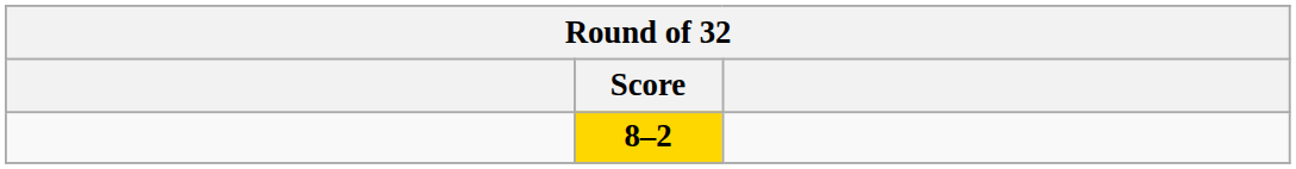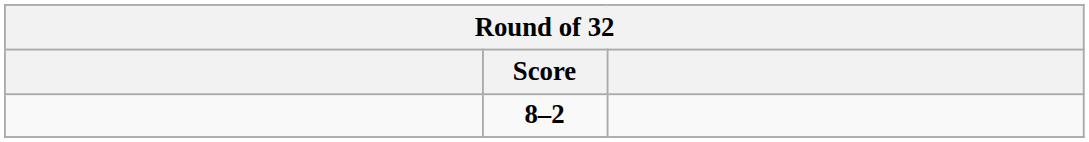 <table class="wikitable" style="text-align: center; font-size:90% ">
 <tr>
 <th colspan=3>Round of 32</th>
 </tr>
 <tr>
 <th align="right" width="250"></th>
 <th width="60">Score</th>
 <th align="left" width="250"></th>
 </tr>
 <tr>
 <td align=left><strong></strong></td>
-<td align=center style="background: gold;"><strong>8–2</strong></td>
+<td align=center><strong>8–2</strong></td>
 <td align=left></td>
 </tr>
 </table>
